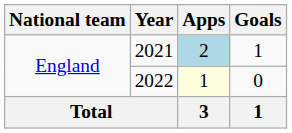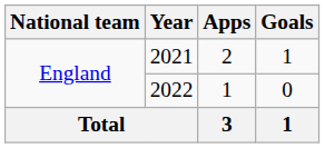 <table class="wikitable" style="text-align: center;">
 <tr>
 <th>National team</th>
 <th>Year</th>
 <th>Apps</th>
 <th>Goals</th>
 </tr>
 <tr>
 <td rowspan="2"><a href='#'>England</a></td>
 <td>2021</td>
-<td style="background: lightblue;">2</td>
+<td>2</td>
 <td>1</td>
 </tr>
 <tr>
 <td>2022</td>
-<td style="background: lightyellow;">1</td>
+<td>1</td>
 <td>0</td>
 </tr>
 <tr>
 <th colspan="2">Total</th>
 <th>3</th>
 <th>1</th>
 </tr>
 </table>
